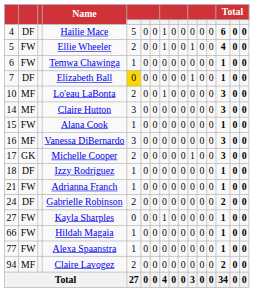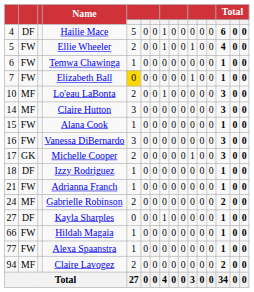 <table class="wikitable sortable" style="text-align:center;">
 <tr>
 <th rowspan="2" style="background:#CF3339; color:white;"></th>
 <th rowspan="2" style="background:#CF3339; color:white;"></th>
 <th rowspan="2" style="background:#CF3339; color:white;"></th>
 <th rowspan="2" style="background:#CF3339; color:white;">Name</th>
 <th colspan="3" style="background:#CF3339; color:white;"></th>
 <th colspan="3" style="background:#CF3339; color:white;"></th>
 <th colspan="3" style="background:#CF3339; color:white;"></th>
 <th colspan="3" style="background:#CF3339; color:white;">Total</th>
 </tr>
 <tr>
 <th></th>
 <th></th>
 <th></th>
 <th></th>
 <th></th>
 <th></th>
 <th></th>
 <th></th>
 <th></th>
 <th></th>
 <th></th>
 <th></th>
 </tr>
 <tr>
 <td>4</td>
 <td>DF</td>
 <td></td>
 <td><a href='#'>Hailie Mace</a></td>
 <td>5</td>
 <td>0</td>
 <td>0</td>
 <td>1</td>
 <td>0</td>
 <td>0</td>
 <td>0</td>
 <td>0</td>
 <td>0</td>
 <td><strong>6</strong></td>
 <td><strong>0</strong></td>
 <td><strong>0</strong></td>
 </tr>
 <tr>
 <td>5</td>
 <td>FW</td>
 <td></td>
 <td><a href='#'>Ellie Wheeler</a></td>
 <td>2</td>
 <td>0</td>
 <td>0</td>
 <td>1</td>
 <td>0</td>
 <td>0</td>
 <td>1</td>
 <td>0</td>
 <td>0</td>
 <td><strong>4</strong></td>
 <td><strong>0</strong></td>
 <td><strong>0</strong></td>
 </tr>
 <tr>
 <td>6</td>
 <td>FW</td>
 <td></td>
 <td><a href='#'>Temwa Chawinga</a></td>
 <td>1</td>
 <td>0</td>
 <td>0</td>
 <td>0</td>
 <td>0</td>
 <td>0</td>
 <td>0</td>
 <td>0</td>
 <td>0</td>
 <td><strong>1</strong></td>
 <td><strong>0</strong></td>
 <td><strong>0</strong></td>
 </tr>
 <tr>
 <td>7</td>
-<td>DF</td>
+<td>FW</td>
 <td></td>
 <td><a href='#'>Elizabeth Ball</a></td>
 <td style="background: gold;">0</td>
 <td>0</td>
 <td>0</td>
 <td>0</td>
 <td>0</td>
 <td>0</td>
 <td>1</td>
 <td>0</td>
 <td>0</td>
 <td><strong>1</strong></td>
 <td><strong>0</strong></td>
 <td><strong>0</strong></td>
 </tr>
 <tr>
 <td>10</td>
 <td>MF</td>
 <td></td>
 <td><a href='#'>Lo'eau LaBonta</a></td>
 <td>2</td>
 <td>0</td>
 <td>0</td>
 <td>1</td>
 <td>0</td>
 <td>0</td>
 <td>0</td>
 <td>0</td>
 <td>0</td>
 <td><strong>3</strong></td>
 <td><strong>0</strong></td>
 <td><strong>0</strong></td>
 </tr>
 <tr>
 <td>14</td>
 <td>MF</td>
 <td></td>
 <td><a href='#'>Claire Hutton</a></td>
 <td>3</td>
 <td>0</td>
 <td>0</td>
 <td>0</td>
 <td>0</td>
 <td>0</td>
 <td>0</td>
 <td>0</td>
 <td>0</td>
 <td><strong>3</strong></td>
 <td><strong>0</strong></td>
 <td><strong>0</strong></td>
 </tr>
 <tr>
 <td>15</td>
 <td>FW</td>
 <td></td>
 <td><a href='#'>Alana Cook</a></td>
 <td>1</td>
 <td>0</td>
 <td>0</td>
 <td>0</td>
 <td>0</td>
 <td>0</td>
 <td>0</td>
 <td>0</td>
 <td>0</td>
 <td><strong>1</strong></td>
 <td><strong>0</strong></td>
 <td><strong>0</strong></td>
 </tr>
 <tr>
 <td>16</td>
-<td>MF</td>
+<td>FW</td>
 <td></td>
 <td><a href='#'>Vanessa DiBernardo</a></td>
 <td>3</td>
 <td>0</td>
 <td>0</td>
 <td>0</td>
 <td>0</td>
 <td>0</td>
 <td>0</td>
 <td>0</td>
 <td>0</td>
 <td><strong>3</strong></td>
 <td><strong>0</strong></td>
 <td><strong>0</strong></td>
 </tr>
 <tr>
 <td>17</td>
 <td>GK</td>
 <td></td>
 <td><a href='#'>Michelle Cooper</a></td>
 <td>2</td>
 <td>0</td>
 <td>0</td>
 <td>0</td>
 <td>0</td>
 <td>0</td>
 <td>1</td>
 <td>0</td>
 <td>0</td>
 <td><strong>3</strong></td>
 <td><strong>0</strong></td>
 <td><strong>0</strong></td>
 </tr>
 <tr>
 <td>18</td>
 <td>DF</td>
 <td></td>
 <td><a href='#'>Izzy Rodriguez</a></td>
 <td>1</td>
 <td>0</td>
 <td>0</td>
 <td>0</td>
 <td>0</td>
 <td>0</td>
 <td>0</td>
 <td>0</td>
 <td>0</td>
 <td><strong>1</strong></td>
 <td><strong>0</strong></td>
 <td><strong>0</strong></td>
 </tr>
 <tr>
 <td>21</td>
 <td>FW</td>
 <td></td>
 <td><a href='#'>Adrianna Franch</a></td>
 <td>1</td>
 <td>0</td>
 <td>0</td>
 <td>0</td>
 <td>0</td>
 <td>0</td>
 <td>0</td>
 <td>0</td>
 <td>0</td>
 <td><strong>1</strong></td>
 <td><strong>0</strong></td>
 <td><strong>0</strong></td>
 </tr>
 <tr>
 <td>24</td>
-<td>DF</td>
+<td>MF</td>
 <td></td>
 <td><a href='#'>Gabrielle Robinson</a></td>
 <td>2</td>
 <td>0</td>
 <td>0</td>
 <td>0</td>
 <td>0</td>
 <td>0</td>
 <td>0</td>
 <td>0</td>
 <td>0</td>
 <td><strong>2</strong></td>
 <td><strong>0</strong></td>
 <td><strong>0</strong></td>
 </tr>
 <tr>
 <td>27</td>
-<td>FW</td>
+<td>DF</td>
 <td></td>
 <td><a href='#'>Kayla Sharples</a></td>
 <td>0</td>
 <td>0</td>
 <td>0</td>
 <td>1</td>
 <td>0</td>
 <td>0</td>
 <td>0</td>
 <td>0</td>
 <td>0</td>
 <td><strong>1</strong></td>
 <td><strong>0</strong></td>
 <td><strong>0</strong></td>
 </tr>
 <tr>
 <td>66</td>
 <td>FW</td>
 <td></td>
 <td><a href='#'>Hildah Magaia</a></td>
 <td>1</td>
 <td>0</td>
 <td>0</td>
 <td>0</td>
 <td>0</td>
 <td>0</td>
 <td>0</td>
 <td>0</td>
 <td>0</td>
 <td><strong>1</strong></td>
 <td><strong>0</strong></td>
 <td><strong>0</strong></td>
 </tr>
 <tr>
 <td>77</td>
 <td>FW</td>
 <td></td>
 <td><a href='#'>Alexa Spaanstra</a></td>
 <td>1</td>
 <td>0</td>
 <td>0</td>
 <td>0</td>
 <td>0</td>
 <td>0</td>
 <td>0</td>
 <td>0</td>
 <td>0</td>
 <td><strong>1</strong></td>
 <td><strong>0</strong></td>
 <td><strong>0</strong></td>
 </tr>
 <tr>
 <td>94</td>
 <td>MF</td>
 <td></td>
 <td><a href='#'>Claire Lavogez</a></td>
 <td>2</td>
 <td>0</td>
 <td>0</td>
 <td>0</td>
 <td>0</td>
 <td>0</td>
 <td>0</td>
 <td>0</td>
 <td>0</td>
 <td><strong>2</strong></td>
 <td><strong>0</strong></td>
 <td><strong>0</strong></td>
 </tr>
 <tr>
 <th colspan="4">Total</th>
 <th>27</th>
 <th>0</th>
 <th>0</th>
 <th>4</th>
 <th>0</th>
 <th>0</th>
 <th>3</th>
 <th>0</th>
 <th>0</th>
 <th>34</th>
 <th>0</th>
 <th>0</th>
 </tr>
 </table>
